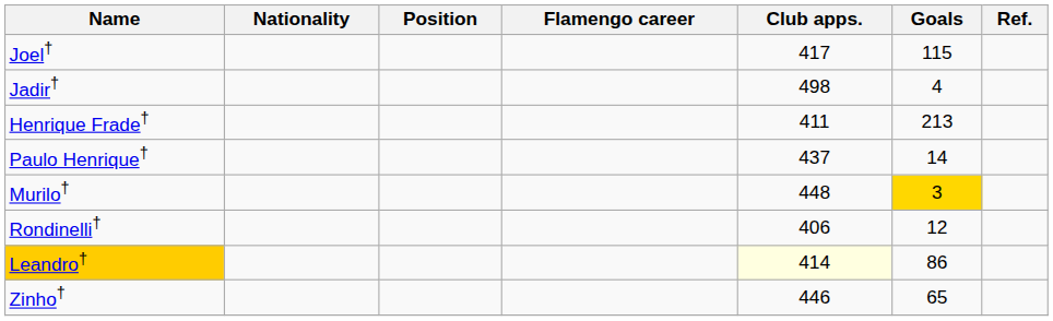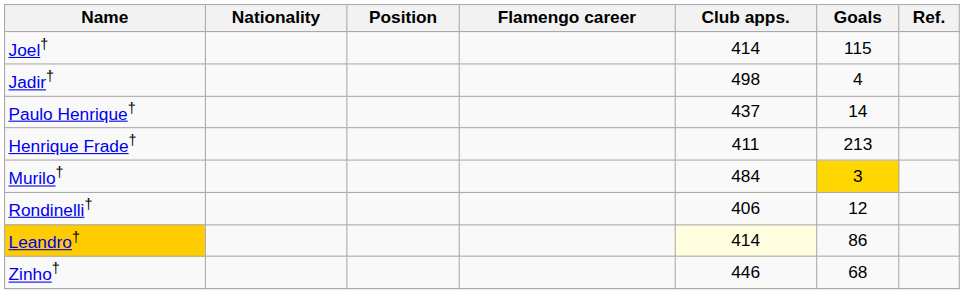 <table width=70% class="wikitable sortable" style="text-align:center;">
 <tr>
 <th>Name</th>
 <th>Nationality</th>
 <th>Position</th>
 <th>Flamengo career</th>
 <th>Club apps.</th>
 <th>Goals</th>
 <th class="unsortable">Ref.</th>
 </tr>
 <tr>
 <td scope="row" align="left"><a href='#'>Joel</a><sup>†</sup></td>
 <td align="left"></td>
 <td></td>
 <td></td>
-<td>417</td>
+<td>414</td>
 <td>115</td>
 <td></td>
 </tr>
 <tr>
 <td scope="row" align="left"><a href='#'>Jadir</a><sup>†</sup></td>
 <td align="left"></td>
 <td></td>
 <td></td>
 <td>498</td>
 <td>4</td>
 <td></td>
 </tr>
 <tr>
+<td scope="row" align="left"><a href='#'>Paulo Henrique</a><sup>†</sup></td>
+<td align="left"></td>
+<td></td>
+<td></td>
+<td>437</td>
+<td>14</td>
+<td></td>
+</tr>
+<tr>
 <td scope="row" align="left"><a href='#'>Henrique Frade</a><sup>†</sup></td>
 <td align="left"></td>
 <td></td>
 <td></td>
 <td>411</td>
 <td>213</td>
 <td></td>
 </tr>
 <tr>
-<td scope="row" align="left"><a href='#'>Paulo Henrique</a><sup>†</sup></td>
-<td align="left"></td>
-<td></td>
-<td></td>
-<td>437</td>
-<td>14</td>
-<td></td>
-</tr>
-<tr>
 <td scope="row" align="left"><a href='#'>Murilo</a><sup>†</sup></td>
 <td align="left"></td>
 <td></td>
 <td></td>
-<td>448</td>
+<td>484</td>
 <td style="background: gold;">3</td>
 <td></td>
 </tr>
 <tr>
 <td scope="row" align="left"><a href='#'>Rondinelli</a><sup>†</sup></td>
 <td align="left"></td>
 <td></td>
 <td></td>
 <td>406</td>
 <td>12</td>
 <td></td>
 </tr>
 <tr>
 <td scope="row" align="left" style="background-color:#FFCC00"><a href='#'>Leandro</a><sup>†</sup></td>
 <td align="left"></td>
 <td></td>
 <td></td>
 <td style="background: lightyellow;">414</td>
 <td>86</td>
 <td></td>
 </tr>
 <tr>
 <td scope="row" align="left"><a href='#'>Zinho</a><sup>†</sup></td>
 <td align="left"></td>
 <td></td>
 <td></td>
 <td>446</td>
-<td>65</td>
+<td>68</td>
 <td></td>
 </tr>
 <tr>
 </tr>
 </table>
